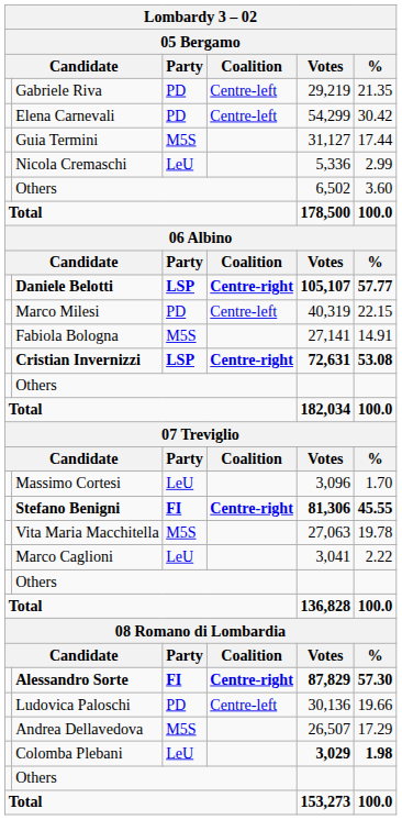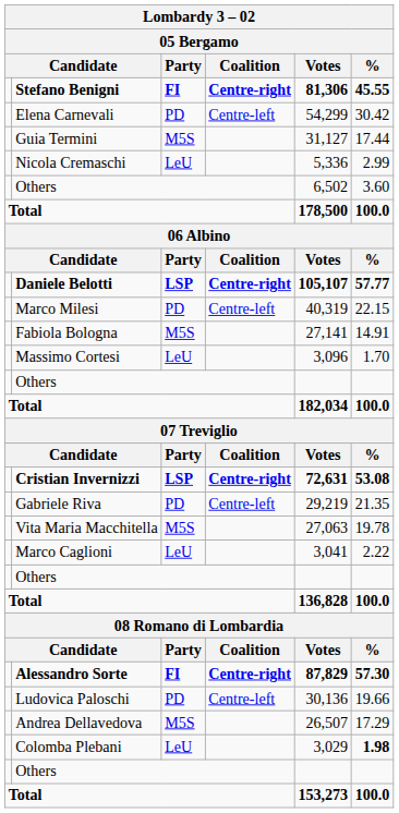 <table class=wikitable style=text-align:right>
 <tr>
 <th colspan=6>Lombardy 3 – 02</th>
 </tr>
 <tr>
 <th colspan=6>05 Bergamo</th>
 </tr>
 <tr>
 <th colspan=2>Candidate</th>
 <th>Party</th>
 <th>Coalition</th>
 <th>Votes</th>
 <th>%</th>
 </tr>
 <tr>
 <td></td>
-<td align=left>Gabriele Riva</td>
-<td align=left><a href='#'>PD</a></td>
-<td align=left><a href='#'>Centre-left</a></td>
-<td>29,219</td>
-<td>21.35</td>
+<td align=left><strong>Stefano Benigni</strong></td>
+<td align=left><strong><a href='#'>FI</a></strong></td>
+<td align=left><strong><a href='#'>Centre-right</a></strong></td>
+<td><strong>81,306</strong></td>
+<td><strong>45.55</strong></td>
 </tr>
 <tr>
 <td></td>
 <td align=left>Elena Carnevali</td>
 <td align=left><a href='#'>PD</a></td>
 <td align=left><a href='#'>Centre-left</a></td>
 <td>54,299</td>
 <td>30.42</td>
 </tr>
 <tr>
 <td></td>
 <td align=left>Guia Termini</td>
 <td align=left><a href='#'>M5S</a></td>
 <td></td>
 <td>31,127</td>
 <td>17.44</td>
 </tr>
 <tr>
 <td></td>
 <td align=left>Nicola Cremaschi</td>
 <td align=left><a href='#'>LeU</a></td>
 <td></td>
 <td>5,336</td>
 <td>2.99</td>
 </tr>
 <tr>
 <td></td>
 <td align=left colspan=3>Others</td>
 <td>6,502</td>
 <td>3.60</td>
 </tr>
 <tr>
 <td align=left colspan=4><strong>Total</strong></td>
 <td><strong>178,500</strong></td>
 <td><strong>100.0</strong></td>
 </tr>
 <tr>
 <th colspan=6>06 Albino</th>
 </tr>
 <tr>
 <th colspan=2>Candidate</th>
 <th>Party</th>
 <th>Coalition</th>
 <th>Votes</th>
 <th>%</th>
 </tr>
 <tr>
 <td></td>
 <td align=left><strong>Daniele Belotti</strong></td>
 <td align=left><strong><a href='#'>LSP</a></strong></td>
 <td align=left><strong><a href='#'>Centre-right</a></strong></td>
 <td><strong>105,107</strong></td>
 <td><strong>57.77</strong></td>
 </tr>
 <tr>
 <td></td>
 <td align=left>Marco Milesi</td>
 <td align=left><a href='#'>PD</a></td>
 <td align=left><a href='#'>Centre-left</a></td>
 <td>40,319</td>
 <td>22.15</td>
 </tr>
 <tr>
 <td></td>
 <td align=left>Fabiola Bologna</td>
 <td align=left><a href='#'>M5S</a></td>
 <td></td>
 <td>27,141</td>
 <td>14.91</td>
 </tr>
 <tr>
 <td></td>
-<td align=left><strong>Cristian Invernizzi</strong></td>
-<td align=left><strong><a href='#'>LSP</a></strong></td>
-<td align=left><strong><a href='#'>Centre-right</a></strong></td>
-<td><strong>72,631</strong></td>
-<td><strong>53.08</strong></td>
+<td align=left>Massimo Cortesi</td>
+<td align=left><a href='#'>LeU</a></td>
+<td></td>
+<td>3,096</td>
+<td>1.70</td>
 </tr>
 <tr>
 <td></td>
 <td align=left colspan=3>Others</td>
 <td></td>
 <td></td>
 </tr>
 <tr>
 <td align=left colspan=4><strong>Total</strong></td>
 <td><strong>182,034</strong></td>
 <td><strong>100.0</strong></td>
 </tr>
 <tr>
 <th colspan=6>07 Treviglio</th>
 </tr>
 <tr>
 <th colspan=2>Candidate</th>
 <th>Party</th>
 <th>Coalition</th>
 <th>Votes</th>
 <th>%</th>
 </tr>
 <tr>
 <td></td>
-<td align=left>Massimo Cortesi</td>
-<td align=left><a href='#'>LeU</a></td>
-<td></td>
-<td>3,096</td>
-<td>1.70</td>
+<td align=left><strong>Cristian Invernizzi</strong></td>
+<td align=left><strong><a href='#'>LSP</a></strong></td>
+<td align=left><strong><a href='#'>Centre-right</a></strong></td>
+<td><strong>72,631</strong></td>
+<td><strong>53.08</strong></td>
 </tr>
 <tr>
 <td></td>
-<td align=left><strong>Stefano Benigni</strong></td>
-<td align=left><strong><a href='#'>FI</a></strong></td>
-<td align=left><strong><a href='#'>Centre-right</a></strong></td>
-<td><strong>81,306</strong></td>
-<td><strong>45.55</strong></td>
+<td align=left>Gabriele Riva</td>
+<td align=left><a href='#'>PD</a></td>
+<td align=left><a href='#'>Centre-left</a></td>
+<td>29,219</td>
+<td>21.35</td>
 </tr>
 <tr>
 <td></td>
 <td align=left>Vita Maria Macchitella</td>
 <td align=left><a href='#'>M5S</a></td>
 <td></td>
 <td>27,063</td>
 <td>19.78</td>
 </tr>
 <tr>
 <td></td>
 <td align=left>Marco Caglioni</td>
 <td align=left><a href='#'>LeU</a></td>
 <td></td>
 <td>3,041</td>
 <td>2.22</td>
 </tr>
 <tr>
 <td></td>
 <td align=left colspan=3>Others</td>
 <td></td>
 <td></td>
 </tr>
 <tr>
 <td align=left colspan=4><strong>Total</strong></td>
 <td><strong>136,828</strong></td>
 <td><strong>100.0</strong></td>
 </tr>
 <tr>
 <th colspan=6>08 Romano di Lombardia</th>
 </tr>
 <tr>
 <th colspan=2>Candidate</th>
 <th>Party</th>
 <th>Coalition</th>
 <th>Votes</th>
 <th>%</th>
 </tr>
 <tr>
 <td></td>
 <td align=left><strong>Alessandro Sorte</strong></td>
 <td align=left><strong><a href='#'>FI</a></strong></td>
 <td align=left><strong><a href='#'>Centre-right</a></strong></td>
 <td><strong>87,829</strong></td>
 <td><strong>57.30</strong></td>
 </tr>
 <tr>
 <td></td>
 <td align=left>Ludovica Paloschi</td>
 <td align=left><a href='#'>PD</a></td>
 <td align=left><a href='#'>Centre-left</a></td>
 <td>30,136</td>
 <td>19.66</td>
 </tr>
 <tr>
 <td></td>
 <td align=left>Andrea Dellavedova</td>
 <td align=left><a href='#'>M5S</a></td>
 <td></td>
 <td>26,507</td>
 <td>17.29</td>
 </tr>
 <tr>
 <td></td>
 <td align=left>Colomba Plebani</td>
 <td align=left><a href='#'>LeU</a></td>
 <td></td>
-<td><strong>3,029</strong></td>
+<td>3,029</td>
 <td><strong>1.98</strong></td>
 </tr>
 <tr>
 <td></td>
 <td align=left colspan=3>Others</td>
 <td></td>
 <td></td>
 </tr>
 <tr>
 <td align=left colspan=4><strong>Total</strong></td>
 <td><strong>153,273</strong></td>
 <td><strong>100.0</strong></td>
 </tr>
 </table>
